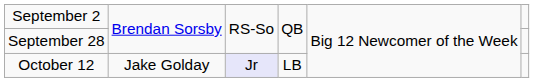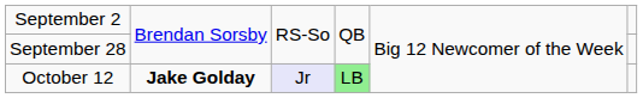 <table class="wikitable sortable sortable" style="text-align: center">
 <tr>
 <td>September 2</td>
 <td rowspan=2><a href='#'>Brendan Sorsby</a></td>
 <td rowspan=2>RS-So</td>
 <td rowspan=2>QB</td>
 <td rowspan=3>Big 12 Newcomer of the Week</td>
 <td></td>
 </tr>
 <tr>
 <td>September 28</td>
 <td></td>
 </tr>
 <tr>
 <td>October 12</td>
-<td>Jake Golday</td>
+<td><strong>Jake Golday</strong></td>
 <td style="background: lavender;">Jr</td>
-<td>LB</td>
+<td style="background: lightgreen;">LB</td>
 <td></td>
 </tr>
 </table>
